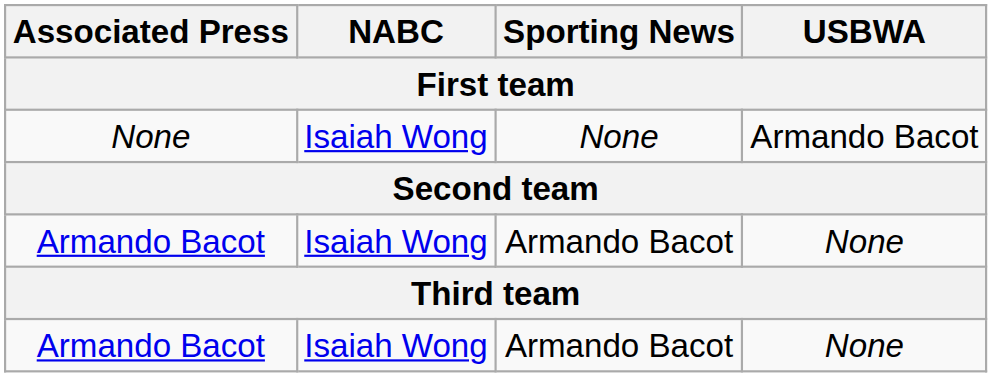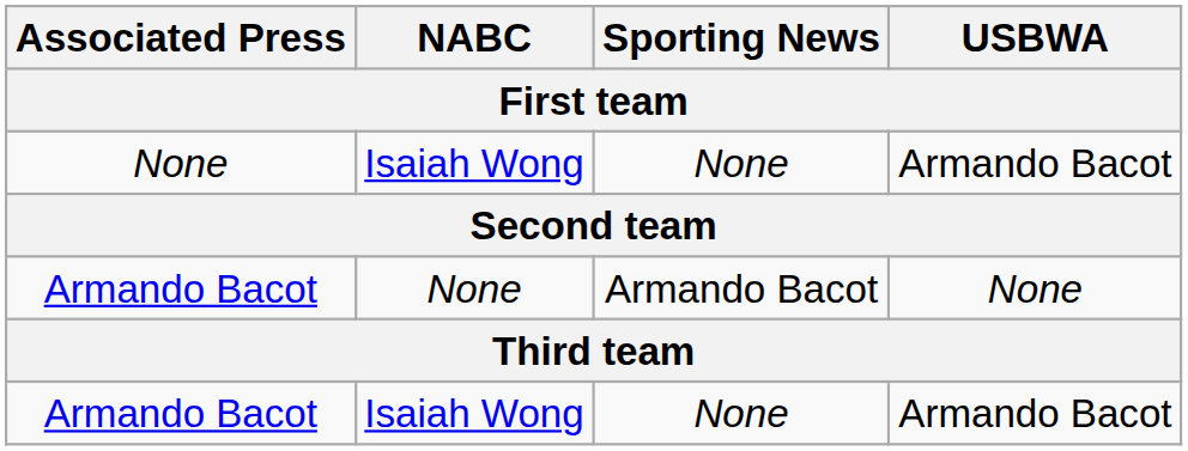 <table class="wikitable" style="font-size: 95%; text-align:center;">
 <tr>
 <th>Associated Press</th>
 <th>NABC</th>
 <th>Sporting News</th>
 <th>USBWA</th>
 </tr>
 <tr>
 <th colspan=4>First team</th>
 </tr>
 <tr>
 <td><em>None</em></td>
 <td><a href='#'>Isaiah Wong</a></td>
 <td><em>None</em></td>
 <td>Armando Bacot</td>
 </tr>
 <tr>
 <th colspan=4>Second team</th>
 </tr>
 <tr>
 <td><a href='#'>Armando Bacot</a></td>
-<td><a href='#'>Isaiah Wong</a></td>
+<td><em>None</em></td>
 <td>Armando Bacot</td>
 <td><em>None</em></td>
 </tr>
 <tr>
 <th colspan=4>Third team</th>
 </tr>
 <tr>
 <td><a href='#'>Armando Bacot</a></td>
 <td><a href='#'>Isaiah Wong</a></td>
+<td><em>None</em></td>
 <td>Armando Bacot</td>
-<td><em>None</em></td>
 </tr>
 </table>
